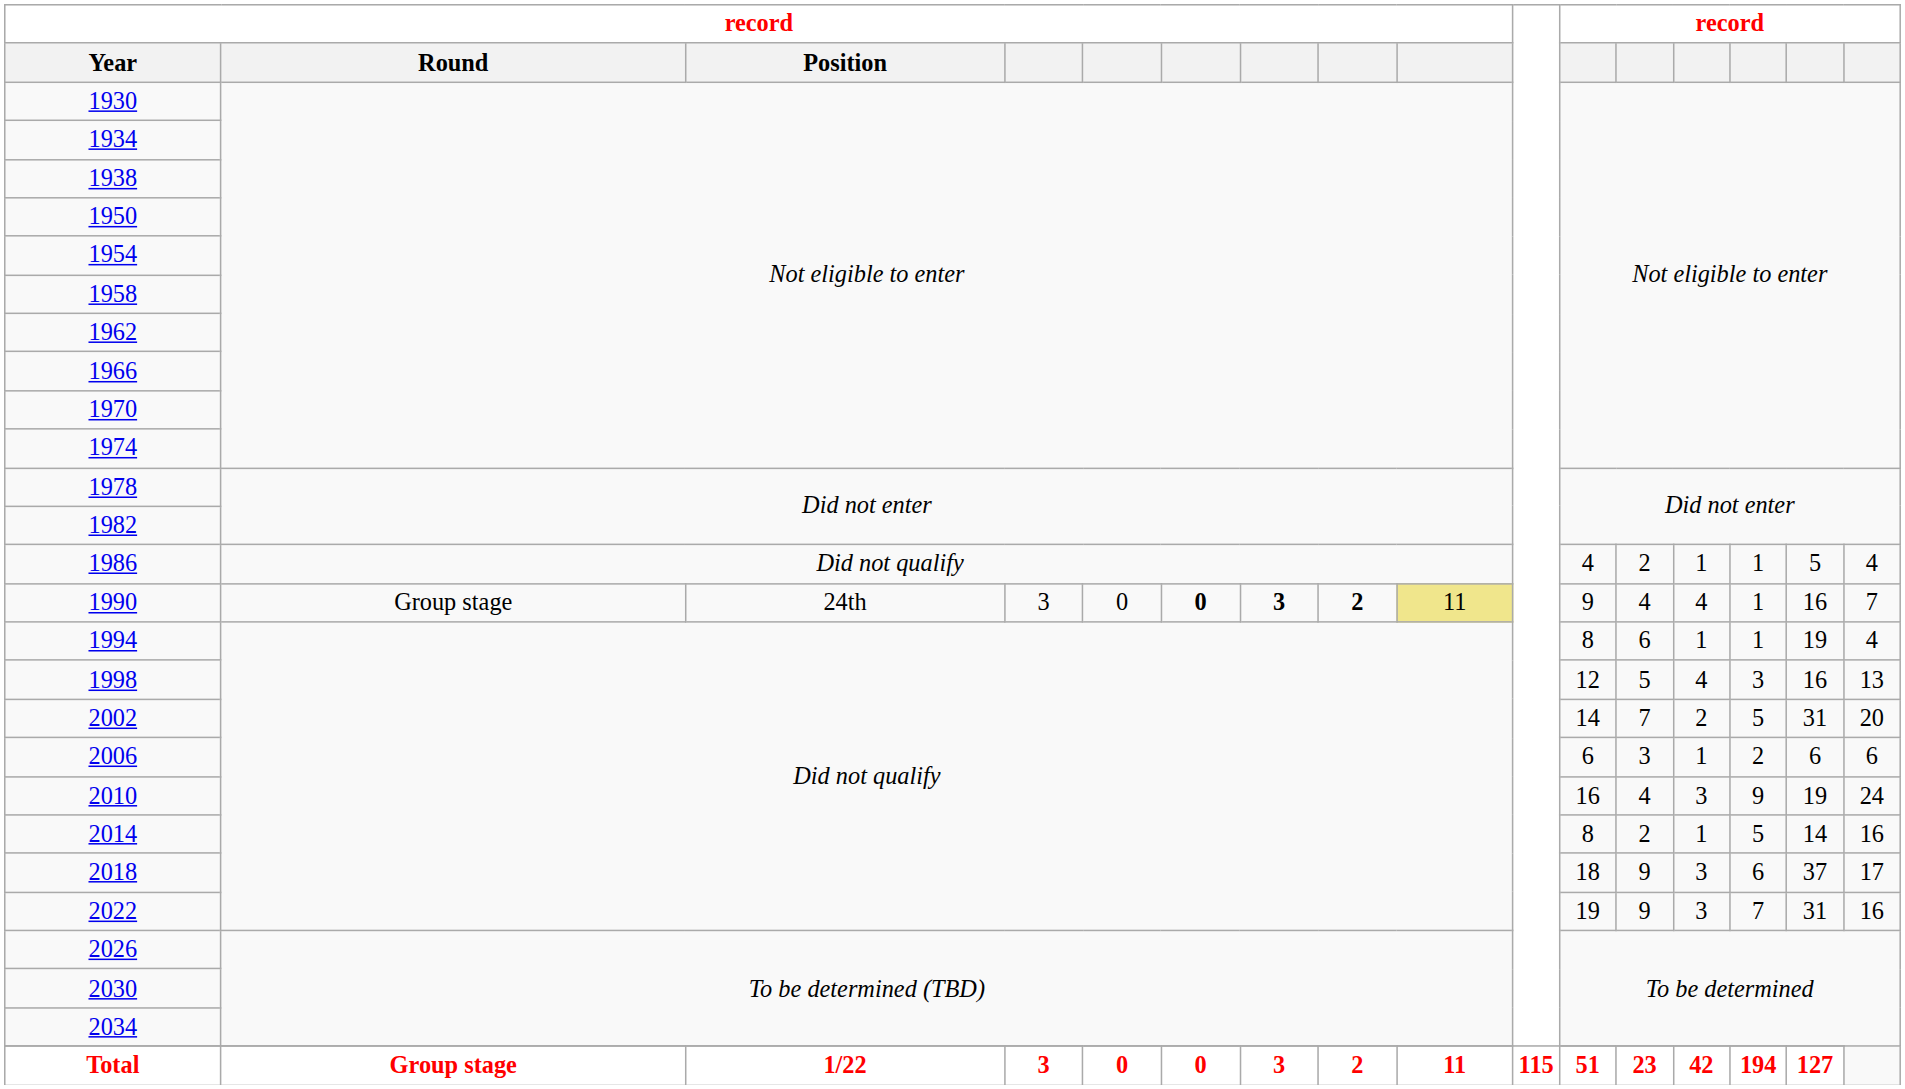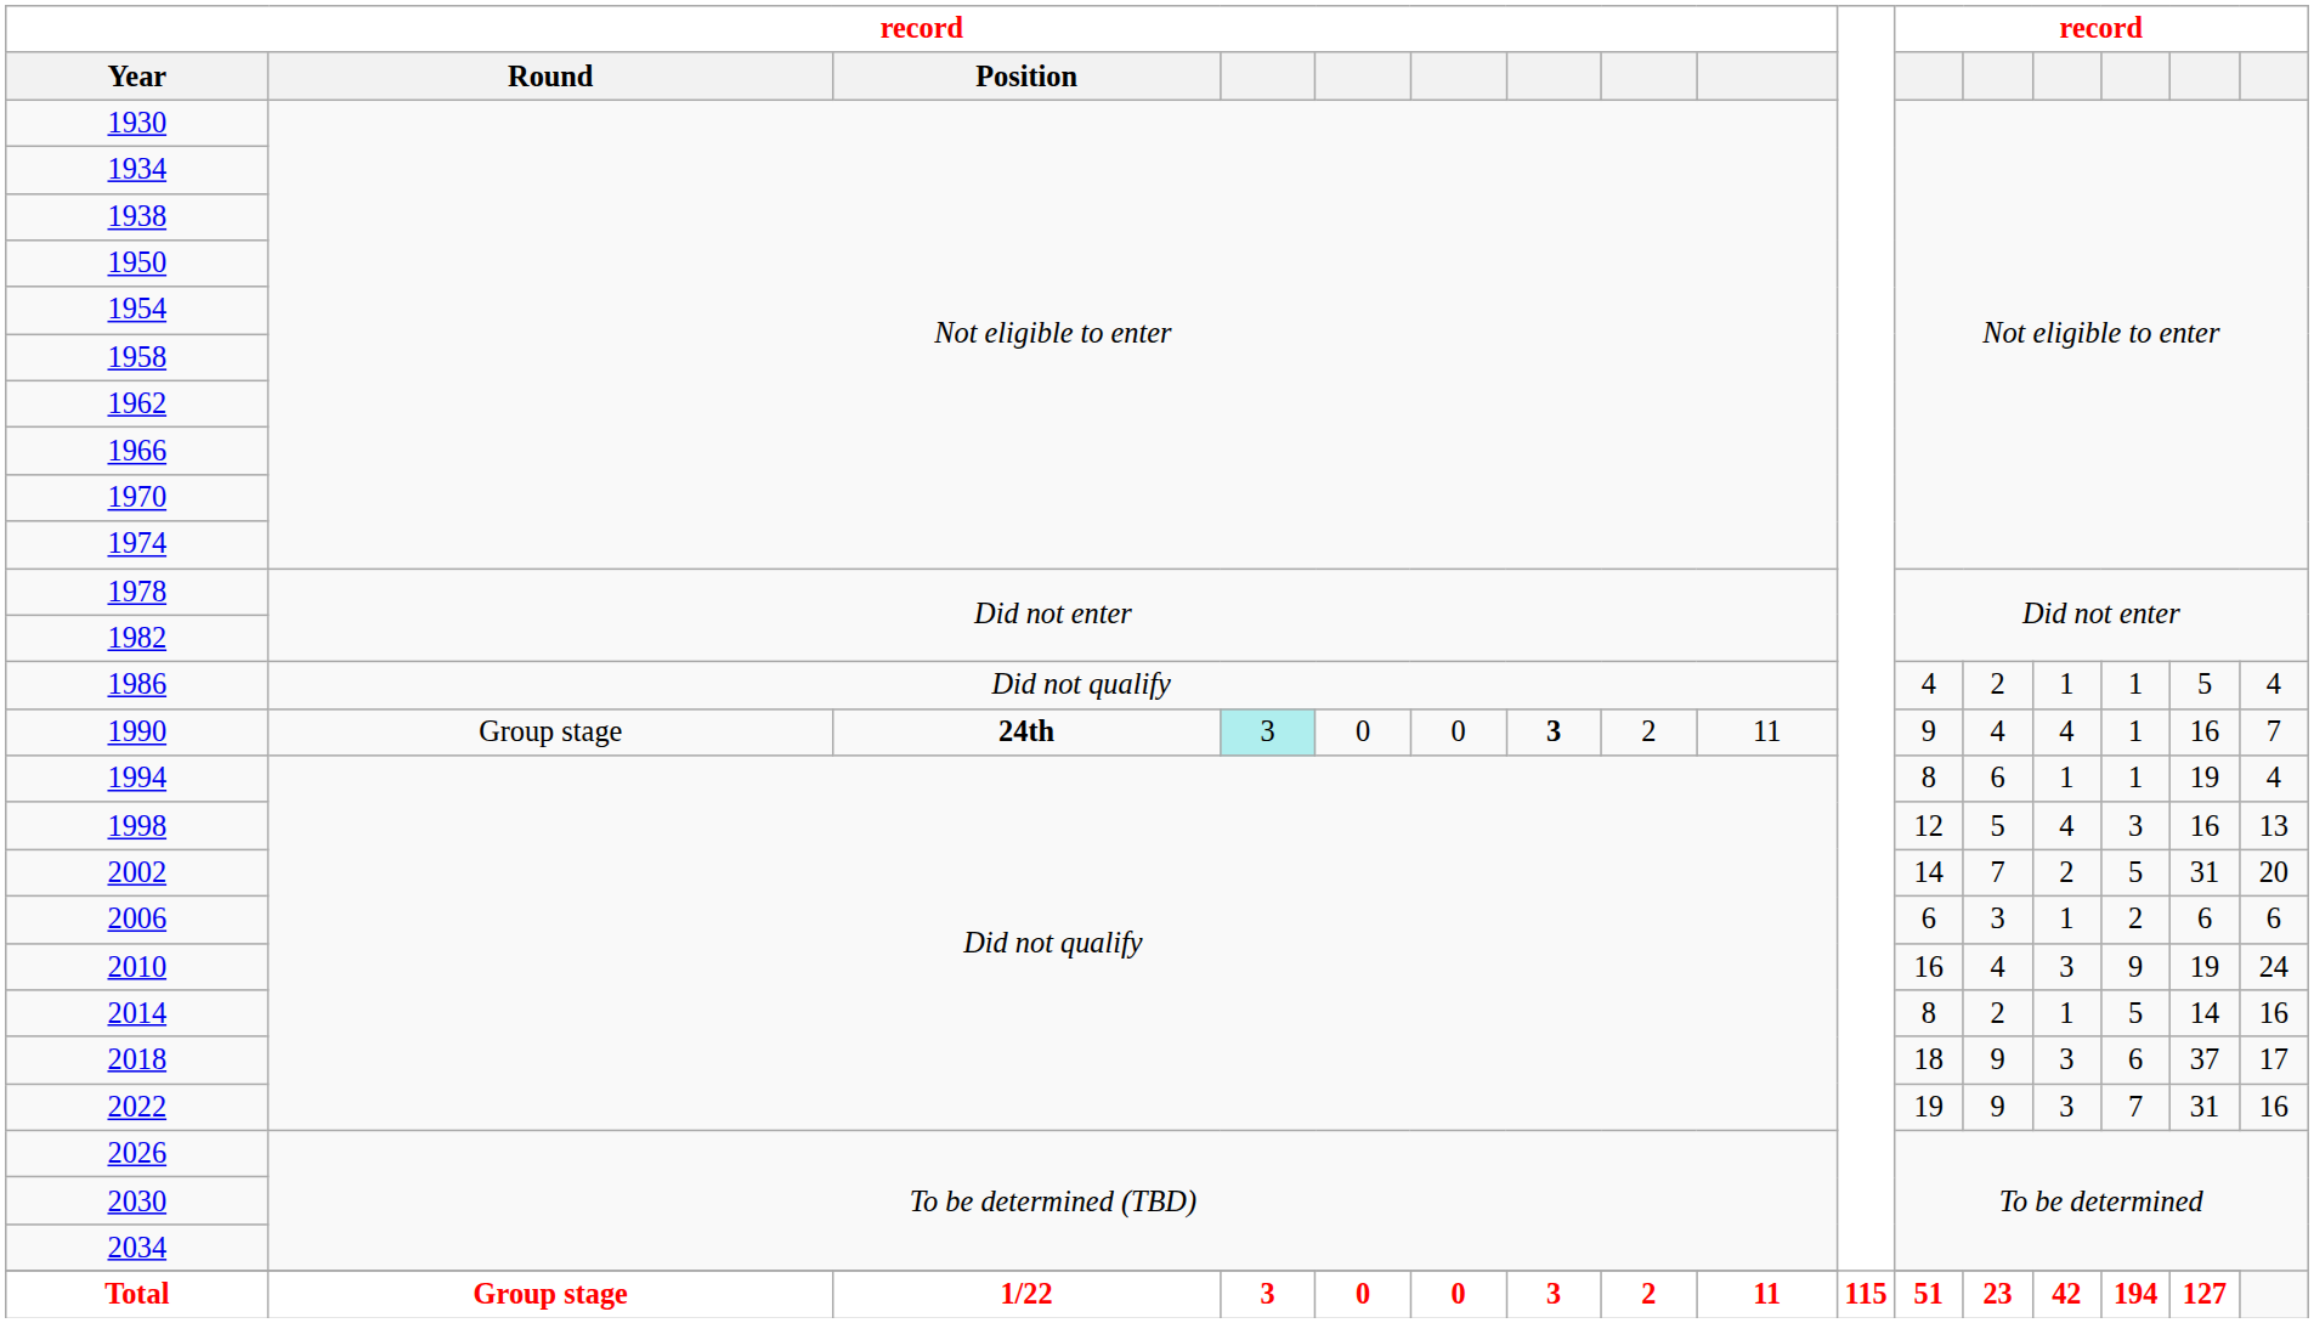 <table class="wikitable" style="text-align: center;font-size:100%">
 <tr style="color:red;">
 <th style="background:#ffffff;" colspan=9><a href='#'></a> record</th>
 <th style="width:0.5%; background:#ffffff;" rowspan="28"></th>
 <th style="background:#ffffff;" colspan=6><a href='#'></a> record</th>
 </tr>
 <tr>
 <th>Year</th>
 <th>Round</th>
 <th>Position</th>
 <th></th>
 <th></th>
 <th></th>
 <th></th>
 <th></th>
 <th></th>
 <th width=30></th>
 <th width=30></th>
 <th width=30></th>
 <th width=30></th>
 <th width=30></th>
 <th width=30></th>
 </tr>
 <tr>
 <td> <a href='#'>1930</a></td>
 <td colspan=8 rowspan=10><em>Not eligible to enter</em></td>
 <td colspan=6 rowspan=10><em>Not eligible to enter</em></td>
 </tr>
 <tr>
 <td> <a href='#'>1934</a></td>
 </tr>
 <tr>
 <td> <a href='#'>1938</a></td>
 </tr>
 <tr>
 <td> <a href='#'>1950</a></td>
 </tr>
 <tr>
 <td> <a href='#'>1954</a></td>
 </tr>
 <tr>
 <td> <a href='#'>1958</a></td>
 </tr>
 <tr>
 <td> <a href='#'>1962</a></td>
 </tr>
 <tr>
 <td> <a href='#'>1966</a></td>
 </tr>
 <tr>
 <td> <a href='#'>1970</a></td>
 </tr>
 <tr>
 <td> <a href='#'>1974</a></td>
 </tr>
 <tr>
 <td> <a href='#'>1978</a></td>
 <td colspan=8 rowspan=2><em>Did not enter</em></td>
 <td colspan=6 rowspan=2><em>Did not enter</em></td>
 </tr>
 <tr>
 <td> <a href='#'>1982</a></td>
 </tr>
 <tr>
 <td> <a href='#'>1986</a></td>
 <td colspan=9><em>Did not qualify</em></td>
 <td>4</td>
 <td>2</td>
 <td>1</td>
 <td>1</td>
 <td>5</td>
 <td>4</td>
 </tr>
 <tr>
 <td> <a href='#'>1990</a></td>
 <td>Group stage</td>
-<td>24th</td>
-<td>3</td>
+<td><strong>24th</strong></td>
+<td style="background: paleturquoise;">3</td>
 <td>0</td>
-<td><strong>0</strong></td>
+<td>0</td>
 <td><strong>3</strong></td>
-<td><strong>2</strong></td>
-<td style="background: khaki;">11</td>
+<td>2</td>
+<td>11</td>
 <td>9</td>
 <td>4</td>
 <td>4</td>
 <td>1</td>
 <td>16</td>
 <td>7</td>
 </tr>
 <tr>
 <td> <a href='#'>1994</a></td>
 <td colspan=8 rowspan=8><em>Did not qualify</em></td>
 <td>8</td>
 <td>6</td>
 <td>1</td>
 <td>1</td>
 <td>19</td>
 <td>4</td>
 </tr>
 <tr>
 <td> <a href='#'>1998</a></td>
 <td>12</td>
 <td>5</td>
 <td>4</td>
 <td>3</td>
 <td>16</td>
 <td>13</td>
 </tr>
 <tr>
 <td> <a href='#'>2002</a></td>
 <td>14</td>
 <td>7</td>
 <td>2</td>
 <td>5</td>
 <td>31</td>
 <td>20</td>
 </tr>
 <tr>
 <td> <a href='#'>2006</a></td>
 <td>6</td>
 <td>3</td>
 <td>1</td>
 <td>2</td>
 <td>6</td>
 <td>6</td>
 </tr>
 <tr>
 <td> <a href='#'>2010</a></td>
 <td>16</td>
 <td>4</td>
 <td>3</td>
 <td>9</td>
 <td>19</td>
 <td>24</td>
 </tr>
 <tr>
 <td> <a href='#'>2014</a></td>
 <td>8</td>
 <td>2</td>
 <td>1</td>
 <td>5</td>
 <td>14</td>
 <td>16</td>
 </tr>
 <tr>
 <td> <a href='#'>2018</a></td>
 <td>18</td>
 <td>9</td>
 <td>3</td>
 <td>6</td>
 <td>37</td>
 <td>17</td>
 </tr>
 <tr>
 <td> <a href='#'>2022</a></td>
 <td>19</td>
 <td>9</td>
 <td>3</td>
 <td>7</td>
 <td>31</td>
 <td>16</td>
 </tr>
 <tr>
 <td> <a href='#'>2026</a></td>
 <td colspan=8 rowspan=3><em>To be determined (TBD)</em></td>
 <td colspan=6 rowspan=3><em>To be determined</em></td>
 </tr>
 <tr>
 <td>   <a href='#'>2030</a></td>
 </tr>
 <tr>
 <td> <a href='#'>2034</a></td>
 </tr>
 <tr>
 </tr>
 <tr style="color:red;">
 <th style="background:#ffffff;"><strong>Total</strong></th>
 <th style="background:#ffffff;"><strong>Group stage</strong></th>
 <th style="background:#ffffff;"><strong>1/22</strong></th>
 <th style="background:#ffffff;"><strong>3</strong></th>
 <th style="background:#ffffff;"><strong>0</strong></th>
 <th style="background:#ffffff;"><strong>0</strong></th>
 <th style="background:#ffffff;"><strong>3</strong></th>
 <th style="background:#ffffff;"><strong>2</strong></th>
 <th style="background:#ffffff;"><strong>11</strong></th>
 <th style="background:#ffffff;">115</th>
 <th style="background:#ffffff;">51</th>
 <th style="background:#ffffff;">23</th>
 <th style="background:#ffffff;">42</th>
 <th style="background:#ffffff;">194</th>
 <th style="background:#ffffff;">127</th>
 </tr>
 </table>
